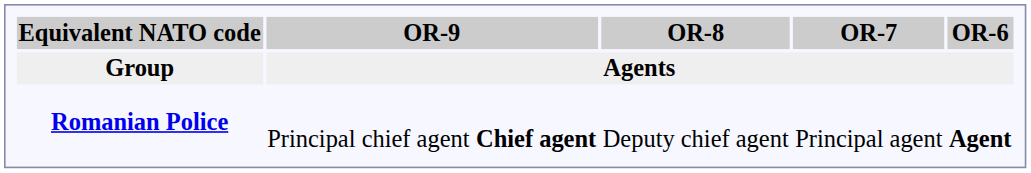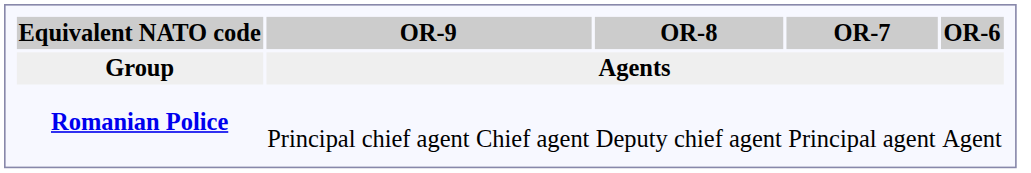 <table style="border:1px solid #8888aa; background-color:#f7f8ff; padding:5px; font-size:95%; margin: 0px 12px 12px 0px;">
 <tr style="background-color:#CCCCCC;text-align:center">
 <th>Equivalent NATO code</th>
 <td colspan=2><strong>OR-9</strong></td>
 <td><strong>OR-8</strong></td>
 <td><strong>OR-7</strong></td>
 <td><strong>OR-6</strong></td>
 </tr>
 <tr style="text-align:center" bgcolor="#efefef";>
 <th>Group</th>
 <th colspan=5>Agents</th>
 </tr>
 <tr style="text-align:center;">
 <td rowspan=2> <strong><a href='#'>Romanian Police</a></strong></td>
 <td></td>
 <td></td>
 <td></td>
 <td></td>
 <td></td>
 </tr>
 <tr style="text-align:center;">
 <td><br>Principal chief agent</td>
-<td><strong><br>Chief agent</strong></td>
+<td><br>Chief agent</td>
 <td><br>Deputy chief agent</td>
 <td><br>Principal agent</td>
-<td><strong><br>Agent</strong></td>
+<td><br>Agent</td>
 </tr>
 </table>
